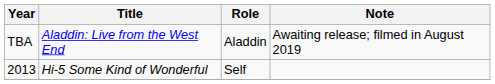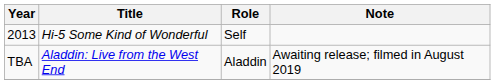 <table class="wikitable sortable">
 <tr>
 <th scope="col">Year</th>
 <th scope="col">Title</th>
 <th scope="col">Role</th>
 <th scope="col">Note</th>
 </tr>
 <tr>
+<td>2013</td>
+<td><em>Hi-5 Some Kind of Wonderful</em></td>
+<td>Self</td>
+<td></td>
+</tr>
+<tr>
 <td>TBA</td>
 <td><em><a href='#'>Aladdin: Live from the West End</a></em></td>
 <td>Aladdin</td>
 <td>Awaiting release; filmed in August 2019</td>
 </tr>
 <tr>
-<td>2013</td>
-<td><em>Hi-5 Some Kind of Wonderful</em></td>
-<td>Self</td>
-<td></td>
-</tr>
-<tr>
 </tr>
 </table>
